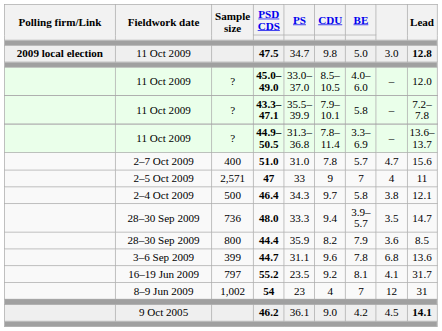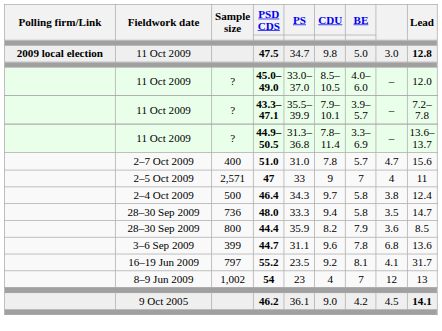 <table class="wikitable collapsible sortable" style="text-align:center; font-size:95%; line-height:16px;">
 <tr style="height:42px;">
 <th style="width:145px;" rowspan="2">Polling firm/Link</th>
 <th style="width:125px;" rowspan="2">Fieldwork date</th>
 <th class="unsortable" style="width:50px;" rowspan="2">Sample size</th>
 <th class="unsortable" style="width:35px;"><a href='#'>PSD</a><br><a href='#'>CDS</a></th>
 <th class="unsortable" style="width:35px;"><a href='#'>PS</a></th>
 <th class="unsortable" style="width:35px;"><a href='#'>CDU</a></th>
 <th class="unsortable" style="width:35px;"><a href='#'>BE</a></th>
 <th class="unsortable" style="width:35px;" rowspan="2"></th>
 <th class="unsortable" style="width:30px;" rowspan="2">Lead</th>
 </tr>
 <tr>
 <th class="unsortable" style="color:inherit;background:"></th>
 <th class="unsortable" style="color:inherit;background:"></th>
 <th class="unsortable" style="color:inherit;background:"></th>
 <th class="unsortable" style="color:inherit;background:"></th>
 </tr>
 <tr>
 <td colspan="13" style="background:#A0A0A0"></td>
 </tr>
 <tr style="background:#EFEFEF;">
 <td><strong>2009 local election</strong></td>
 <td data-sort-value="2019-10-06">11 Oct 2009</td>
 <td></td>
 <td><strong>47.5</strong><br></td>
 <td>34.7<br></td>
 <td>9.8<br></td>
 <td>5.0<br></td>
 <td>3.0<br></td>
 <td style="background:"><strong>12.8</strong></td>
 </tr>
 <tr>
 <td colspan="13" style="background:#A0A0A0"></td>
 </tr>
 <tr style="background:#EAFFEA"|>
 <td></td>
 <td data-sort-value="2019-10-06">11 Oct 2009</td>
 <td>?</td>
 <td align="center" ><strong>45.0–49.0</strong><br></td>
 <td align="center">33.0–37.0<br></td>
 <td align="center">8.5–10.5<br></td>
 <td align="center">4.0–6.0<br></td>
 <td>–</td>
 <td style="background:">12.0</td>
 </tr>
 <tr>
 </tr>
 <tr style="background:#EAFFEA"|>
 <td></td>
 <td data-sort-value="2019-10-06">11 Oct 2009</td>
 <td>?</td>
 <td align="center" ><strong>43.3–<br>47.1</strong><br></td>
 <td align="center">35.5–<br>39.9<br></td>
 <td align="center">7.9–<br>10.1<br></td>
-<td align="center">5.8</td>
+<td align="center">3.9–<br>5.7<br></td>
 <td>–</td>
 <td style="background:">7.2–<br>7.8</td>
 </tr>
 <tr>
 </tr>
 <tr style="background:#EAFFEA"|>
 <td></td>
 <td data-sort-value="2019-10-06">11 Oct 2009</td>
 <td>?</td>
 <td align="center" ><strong>44.9–<br>50.5</strong></td>
 <td align="center">31.3–<br>36.8</td>
 <td align="center">7.8–<br>11.4</td>
 <td align="center">3.3–<br>6.9</td>
 <td>–</td>
 <td style="background:">13.6–<br>13.7</td>
 </tr>
 <tr>
 <td align="center"></td>
 <td align="center">2–7 Oct 2009</td>
 <td>400</td>
 <td align="center" ><strong>51.0</strong></td>
 <td align="center">31.0</td>
 <td align="center">7.8</td>
 <td align="center">5.7</td>
 <td align="center">4.7</td>
 <td style="background:">15.6</td>
 </tr>
 <tr>
 <td align="center"></td>
 <td align="center">2–5 Oct 2009</td>
 <td>2,571</td>
 <td align="center" ><strong>47</strong></td>
 <td align="center">33</td>
 <td align="center">9</td>
 <td align="center">7</td>
 <td align="center">4</td>
 <td style="background:">11</td>
 </tr>
 <tr>
 <td align="center"></td>
 <td align="center">2–4 Oct 2009</td>
 <td>500</td>
 <td align="center" ><strong>46.4</strong></td>
 <td align="center">34.3</td>
 <td align="center">9.7</td>
 <td align="center">5.8</td>
 <td align="center">3.8</td>
-<td style="background:">12.1</td>
+<td style="background:">12.4</td>
 </tr>
 <tr>
 <td align="center"></td>
 <td align="center">28–30 Sep 2009</td>
 <td>736</td>
 <td align="center" ><strong>48.0</strong></td>
 <td align="center">33.3</td>
 <td align="center">9.4</td>
-<td align="center">3.9–<br>5.7<br></td>
+<td align="center">5.8</td>
 <td align="center">3.5</td>
 <td style="background:">14.7</td>
 </tr>
 <tr>
 <td align="center"></td>
 <td align="center">28–30 Sep 2009</td>
 <td>800</td>
 <td align="center" ><strong>44.4</strong></td>
 <td align="center">35.9</td>
 <td align="center">8.2</td>
 <td align="center">7.9</td>
 <td align="center">3.6</td>
 <td style="background:">8.5</td>
 </tr>
 <tr>
 <td align="center"></td>
 <td align="center">3–6 Sep 2009</td>
 <td>399</td>
 <td align="center" ><strong>44.7</strong></td>
 <td align="center">31.1</td>
 <td align="center">9.6</td>
 <td align="center">7.8</td>
 <td align="center">6.8</td>
 <td style="background:">13.6</td>
 </tr>
 <tr>
 <td align="center"></td>
 <td align="center">16–19 Jun 2009</td>
 <td>797</td>
 <td align="center" ><strong>55.2</strong></td>
 <td align="center">23.5</td>
 <td align="center">9.2</td>
 <td align="center">8.1</td>
 <td align="center">4.1</td>
 <td style="background:">31.7</td>
 </tr>
 <tr>
 <td align="center"></td>
 <td align="center">8–9 Jun 2009</td>
 <td>1,002</td>
 <td align="center" ><strong>54</strong></td>
 <td align="center">23</td>
 <td align="center">4</td>
 <td align="center">7</td>
 <td align="center">12</td>
-<td style="background:">31</td>
+<td style="background:">13</td>
 </tr>
 <tr>
 <td colspan="13" style="background:#A0A0A0"></td>
 </tr>
 <tr style="background:#EFEFEF;">
 <td><strong></strong></td>
 <td data-sort-value="2019-10-06">9 Oct 2005</td>
 <td></td>
 <td><strong>46.2</strong><br></td>
 <td>36.1<br></td>
 <td>9.0<br></td>
 <td>4.2<br></td>
 <td>4.5<br></td>
 <td style="background:"><strong>14.1</strong></td>
 </tr>
 <tr>
 <td colspan="13" style="background:#A0A0A0"></td>
 </tr>
 </table>
